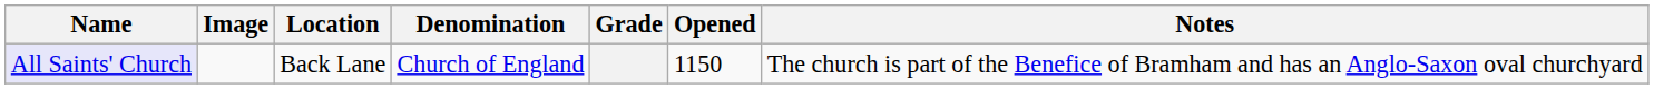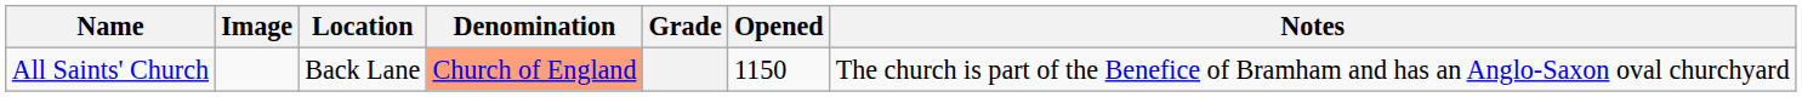 <table class="wikitable sortable">
 <tr>
 <th>Name</th>
 <th class="unsortable">Image</th>
 <th>Location</th>
 <th>Denomination</th>
 <th>Grade</th>
 <th>Opened</th>
 <th class="unsortable">Notes</th>
 </tr>
 <tr>
-<td style="background: lavender;"><a href='#'>All Saints' Church</a></td>
+<td><a href='#'>All Saints' Church</a></td>
 <td></td>
 <td>Back Lane</td>
-<td><a href='#'>Church of England</a></td>
+<td style="background: lightsalmon;"><a href='#'>Church of England</a></td>
 <th></th>
 <td>1150</td>
 <td>The church is part of the <a href='#'>Benefice</a> of Bramham and has an <a href='#'>Anglo-Saxon</a> oval churchyard </td>
 </tr>
 </table>
